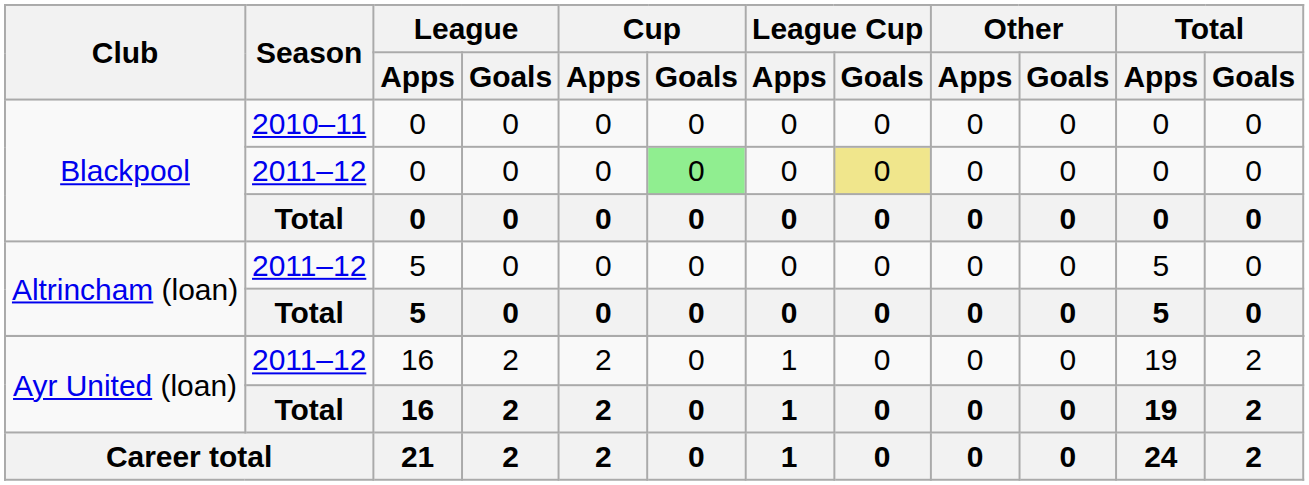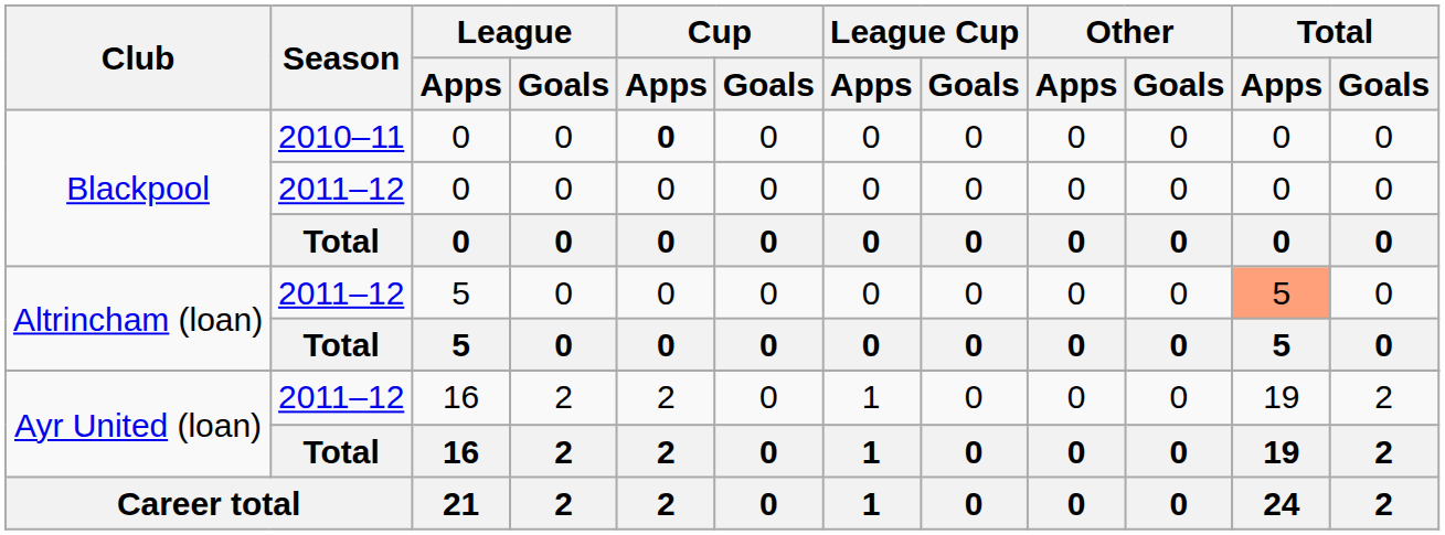 <table class="wikitable" style="font-size:95%; text-align:center">
 <tr>
 <th rowspan="2">Club</th>
 <th rowspan="2">Season</th>
 <th colspan="2">League</th>
 <th colspan="2">Cup</th>
 <th colspan="2">League Cup</th>
 <th colspan="2">Other</th>
 <th colspan="2">Total</th>
 </tr>
 <tr>
 <th>Apps</th>
 <th>Goals</th>
 <th>Apps</th>
 <th>Goals</th>
 <th>Apps</th>
 <th>Goals</th>
 <th>Apps</th>
 <th>Goals</th>
 <th>Apps</th>
 <th>Goals</th>
 </tr>
 <tr>
 <td rowspan="3"><a href='#'>Blackpool</a></td>
 <td><a href='#'>2010–11</a></td>
 <td>0</td>
 <td>0</td>
-<td>0</td>
+<td><strong>0</strong></td>
 <td>0</td>
 <td>0</td>
 <td>0</td>
 <td>0</td>
 <td>0</td>
 <td>0</td>
 <td>0</td>
 </tr>
 <tr>
 <td><a href='#'>2011–12</a></td>
 <td>0</td>
 <td>0</td>
 <td>0</td>
-<td style="background: lightgreen;">0</td>
 <td>0</td>
-<td style="background: khaki;">0</td>
+<td>0</td>
+<td>0</td>
 <td>0</td>
 <td>0</td>
 <td>0</td>
 <td>0</td>
 </tr>
 <tr>
 <th>Total</th>
 <th>0</th>
 <th>0</th>
 <th>0</th>
 <th>0</th>
 <th>0</th>
 <th>0</th>
 <th>0</th>
 <th>0</th>
 <th>0</th>
 <th>0</th>
 </tr>
 <tr>
 <td rowspan="2"><a href='#'>Altrincham</a> (loan)</td>
 <td><a href='#'>2011–12</a></td>
 <td>5</td>
 <td>0</td>
 <td>0</td>
 <td>0</td>
 <td>0</td>
 <td>0</td>
 <td>0</td>
 <td>0</td>
-<td>5</td>
+<td style="background: lightsalmon;">5</td>
 <td>0</td>
 </tr>
 <tr>
 <th>Total</th>
 <th>5</th>
 <th>0</th>
 <th>0</th>
 <th>0</th>
 <th>0</th>
 <th>0</th>
 <th>0</th>
 <th>0</th>
 <th>5</th>
 <th>0</th>
 </tr>
 <tr>
 </tr>
 <tr>
 <td rowspan="2"><a href='#'>Ayr United</a> (loan)</td>
 <td><a href='#'>2011–12</a></td>
 <td>16</td>
 <td>2</td>
 <td>2</td>
 <td>0</td>
 <td>1</td>
 <td>0</td>
 <td>0</td>
 <td>0</td>
 <td>19</td>
 <td>2</td>
 </tr>
 <tr>
 <th>Total</th>
 <th>16</th>
 <th>2</th>
 <th>2</th>
 <th>0</th>
 <th>1</th>
 <th>0</th>
 <th>0</th>
 <th>0</th>
 <th>19</th>
 <th>2</th>
 </tr>
 <tr>
 <th colspan="2">Career total</th>
 <th>21</th>
 <th>2</th>
 <th>2</th>
 <th>0</th>
 <th>1</th>
 <th>0</th>
 <th>0</th>
 <th>0</th>
 <th>24</th>
 <th>2</th>
 </tr>
 </table>
